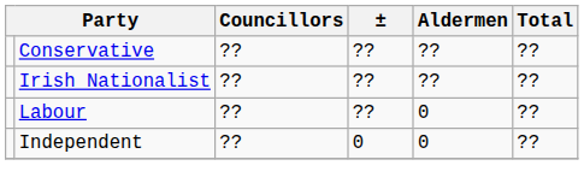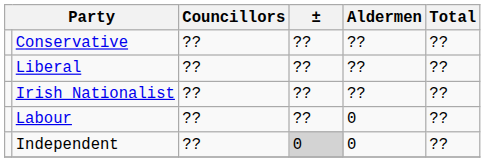 <table class="wikitable">
 <tr>
 <th colspan="2">Party</th>
 <th>Councillors</th>
 <th>  ±  </th>
 <th>Aldermen</th>
 <th>Total</th>
 </tr>
 <tr>
 <td style="background-color: "></td>
 <td><a href='#'>Conservative</a></td>
+<td>??</td>
+<td>??</td>
+<td>??</td>
+<td>??</td>
+</tr>
+<tr>
+<td style="background-color: "></td>
+<td><a href='#'>Liberal</a></td>
 <td>??</td>
 <td>??</td>
 <td>??</td>
 <td>??</td>
 </tr>
 <tr>
 <td style="background-color: "></td>
 <td><a href='#'>Irish Nationalist</a></td>
 <td>??</td>
 <td>??</td>
 <td>??</td>
 <td>??</td>
 </tr>
 <tr>
 <td style="background-color: "></td>
 <td><a href='#'>Labour</a></td>
 <td>??</td>
 <td>??</td>
 <td>0</td>
 <td>??</td>
 </tr>
 <tr>
 <td style="background-color: "></td>
 <td>Independent</td>
 <td>??</td>
-<td>0</td>
+<td style="background: lightgrey;">0</td>
 <td>0</td>
 <td>??</td>
 </tr>
 <tr>
 </tr>
 </table>
